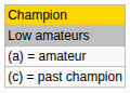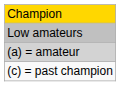 <table class="wikitable">
 <tr style="background:gold">
 <td>Champion</td>
 </tr>
 <tr style="background:silver">
 <td>Low amateurs</td>
 </tr>
 <tr>
-<td>(a) = amateur</td>
+<td style="background: lightgrey;">(a) = amateur</td>
 </tr>
 <tr>
 <td>(c) = past champion</td>
 </tr>
 </table>
